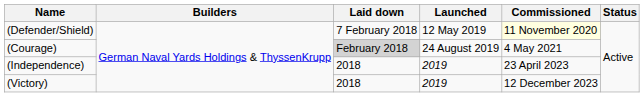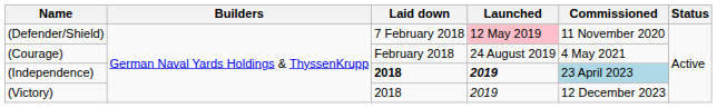 <table class="wikitable">
 <tr>
 <th>Name</th>
 <th>Builders</th>
 <th>Laid down</th>
 <th>Launched</th>
 <th>Commissioned</th>
 <th>Status</th>
 </tr>
 <tr>
 <td> (Defender/Shield)</td>
 <td rowspan="4"><a href='#'>German Naval Yards Holdings</a> & <a href='#'>ThyssenKrupp</a></td>
 <td>7 February 2018</td>
-<td>12 May 2019</td>
-<td style="background: lightyellow;">11 November 2020</td>
+<td style="background: pink;">12 May 2019</td>
+<td>11 November 2020</td>
 <td rowspan="4">Active</td>
 </tr>
 <tr>
 <td> (Courage)</td>
-<td style="background: lightgrey;">February 2018</td>
+<td>February 2018</td>
 <td>24 August 2019</td>
 <td>4 May 2021</td>
 </tr>
 <tr>
 <td> (Independence)</td>
-<td>2018</td>
-<td><em>2019</em></td>
-<td>23 April 2023</td>
+<td><strong>2018</strong></td>
+<td><strong><em>2019</em></strong></td>
+<td style="background: lightblue;">23 April 2023</td>
 </tr>
 <tr>
 <td> (Victory)</td>
 <td>2018</td>
 <td><em>2019</em></td>
 <td>12 December 2023</td>
 </tr>
 </table>
